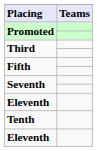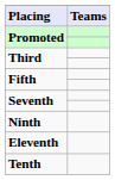 <table class=wikitable>
 <tr>
 </tr>
 <tr style="background: #E6E6FA;">
 <td><strong>Placing</strong></td>
 <td style="text-align:center"><strong>Teams</strong></td>
 </tr>
 <tr style="background: #ccffcc;">
 <td rowspan="2"><strong>Promoted</strong></td>
 <td><strong></strong></td>
 </tr>
 <tr style="background: #ccffcc;">
 <td><strong></strong></td>
 </tr>
 <tr>
 <td rowspan="2"><strong>Third</strong></td>
 <td></td>
 </tr>
 <tr>
 <td></td>
 </tr>
 <tr>
 <td rowspan="2"><strong>Fifth</strong></td>
 <td></td>
 </tr>
 <tr>
 <td></td>
 </tr>
 <tr>
 <td rowspan="2"><strong>Seventh</strong></td>
 <td></td>
 </tr>
 <tr>
 <td></td>
 </tr>
 <tr>
+<td><strong>Ninth</strong></td>
+<td></td>
+</tr>
+<tr>
 <td><strong>Eleventh</strong></td>
 <td></td>
 </tr>
 <tr>
 <td><strong>Tenth</strong></td>
 <td></td>
 </tr>
-<tr>
-<td><strong>Eleventh</strong></td>
-<td></td>
-</tr>
 </table>
